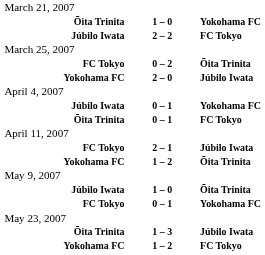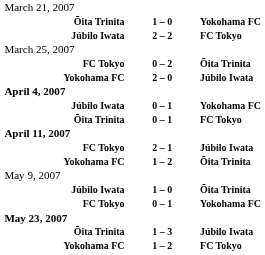 <table style="width:100%;" cellspacing="1">
 <tr>
 <th width=20%></th>
 <th width=12%></th>
 <th></th>
 </tr>
 <tr>
 <td>March 21, 2007</td>
 </tr>
 <tr style=font-size:90%>
 <td align=right><strong>Ōita Trinita</strong></td>
 <td align=center><strong>1 – 0</strong></td>
 <td><strong>Yokohama FC</strong></td>
 </tr>
 <tr style=font-size:90%>
 <td align=right><strong>Júbilo Iwata</strong></td>
 <td align=center><strong>2 – 2</strong></td>
 <td><strong>FC Tokyo</strong></td>
 </tr>
 <tr>
 <td>March 25, 2007</td>
 </tr>
 <tr style=font-size:90%>
 <td align=right><strong>FC Tokyo</strong></td>
 <td align=center><strong>0 – 2</strong></td>
 <td><strong>Ōita Trinita</strong></td>
 </tr>
 <tr style=font-size:90%>
 <td align=right><strong>Yokohama FC</strong></td>
 <td align=center><strong>2 – 0</strong></td>
 <td><strong>Júbilo Iwata</strong></td>
 </tr>
 <tr>
-<td>April 4, 2007</td>
+<td><strong>April 4, 2007</strong></td>
 </tr>
 <tr style=font-size:90%>
 <td align=right><strong>Júbilo Iwata</strong></td>
 <td align=center><strong>0 – 1</strong></td>
 <td><strong>Yokohama FC</strong></td>
 </tr>
 <tr style=font-size:90%>
 <td align=right><strong>Ōita Trinita</strong></td>
 <td align=center><strong>0 – 1</strong></td>
 <td><strong>FC Tokyo</strong></td>
 </tr>
 <tr>
-<td>April 11, 2007</td>
+<td><strong>April 11, 2007</strong></td>
 </tr>
 <tr style=font-size:90%>
 <td align=right><strong>FC Tokyo</strong></td>
 <td align=center><strong>2 – 1</strong></td>
 <td><strong>Júbilo Iwata</strong></td>
 </tr>
 <tr style=font-size:90%>
 <td align=right><strong>Yokohama FC</strong></td>
 <td align=center><strong>1 – 2</strong></td>
 <td><strong>Ōita Trinita</strong></td>
 </tr>
 <tr>
 <td>May 9, 2007</td>
 </tr>
 <tr style=font-size:90%>
 <td align=right><strong>Júbilo Iwata</strong></td>
 <td align=center><strong>1 – 0</strong></td>
 <td><strong>Ōita Trinita</strong></td>
 </tr>
 <tr style=font-size:90%>
 <td align=right><strong>FC Tokyo</strong></td>
 <td align=center><strong>0 – 1</strong></td>
 <td><strong>Yokohama FC</strong></td>
 </tr>
 <tr>
-<td>May 23, 2007</td>
+<td><strong>May 23, 2007</strong></td>
 </tr>
 <tr style=font-size:90%>
 <td align=right><strong>Ōita Trinita</strong></td>
 <td align=center><strong>1 – 3</strong></td>
 <td><strong>Júbilo Iwata</strong></td>
 </tr>
 <tr style=font-size:90%>
 <td align=right><strong>Yokohama FC</strong></td>
 <td align=center><strong>1 – 2</strong></td>
 <td><strong>FC Tokyo</strong></td>
 </tr>
 </table>
